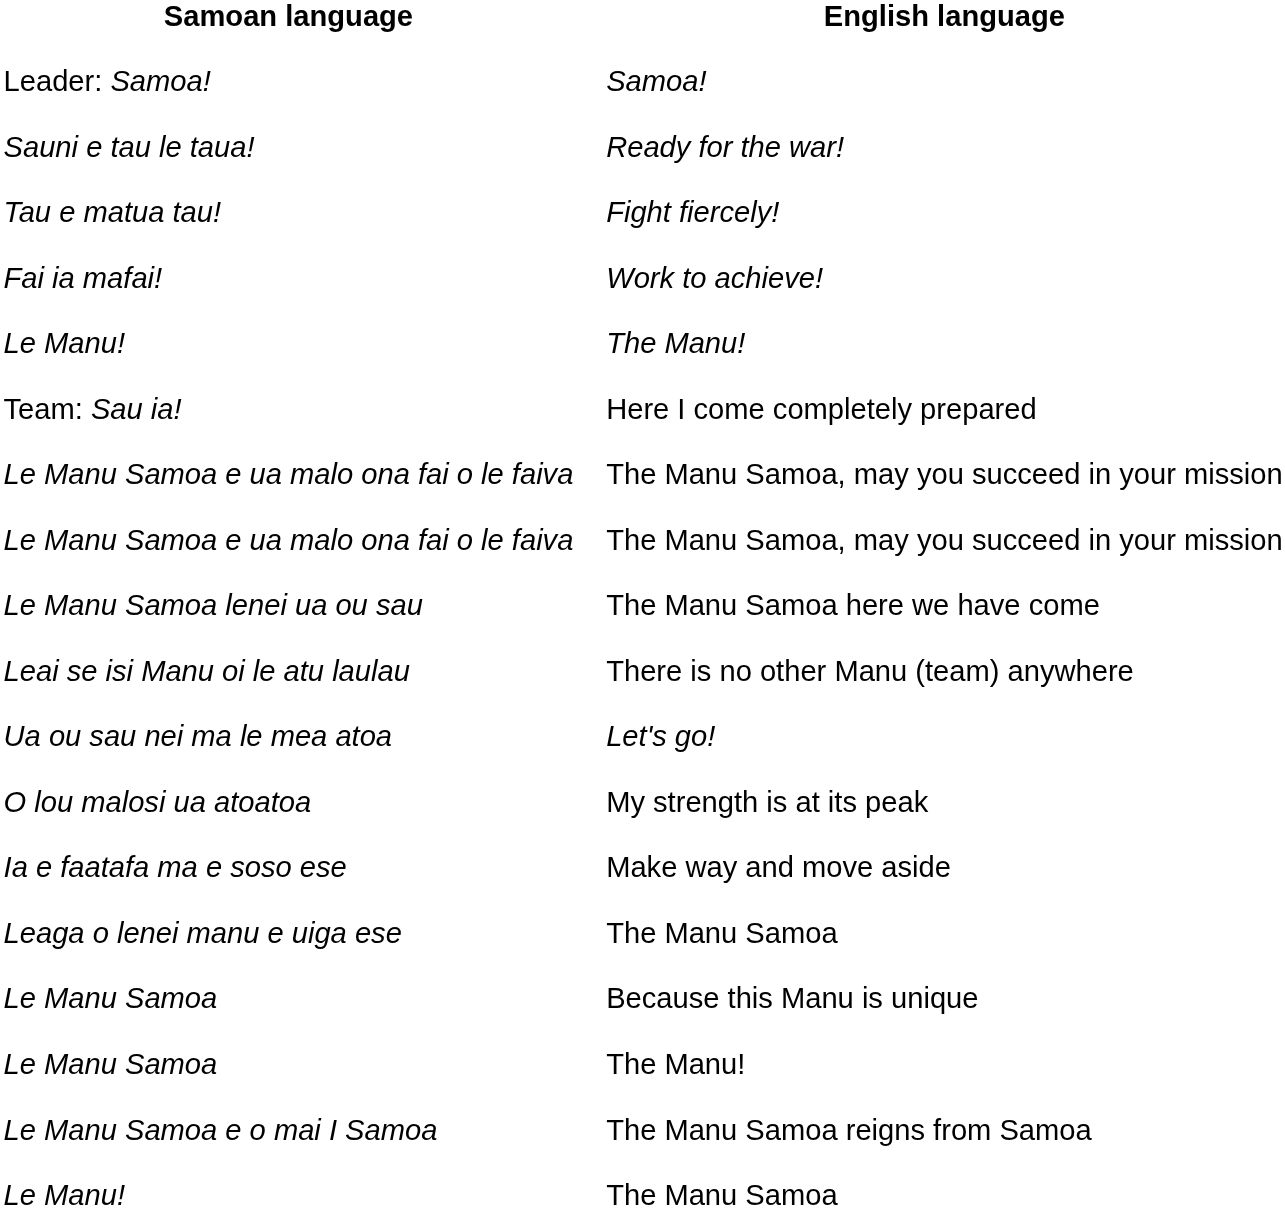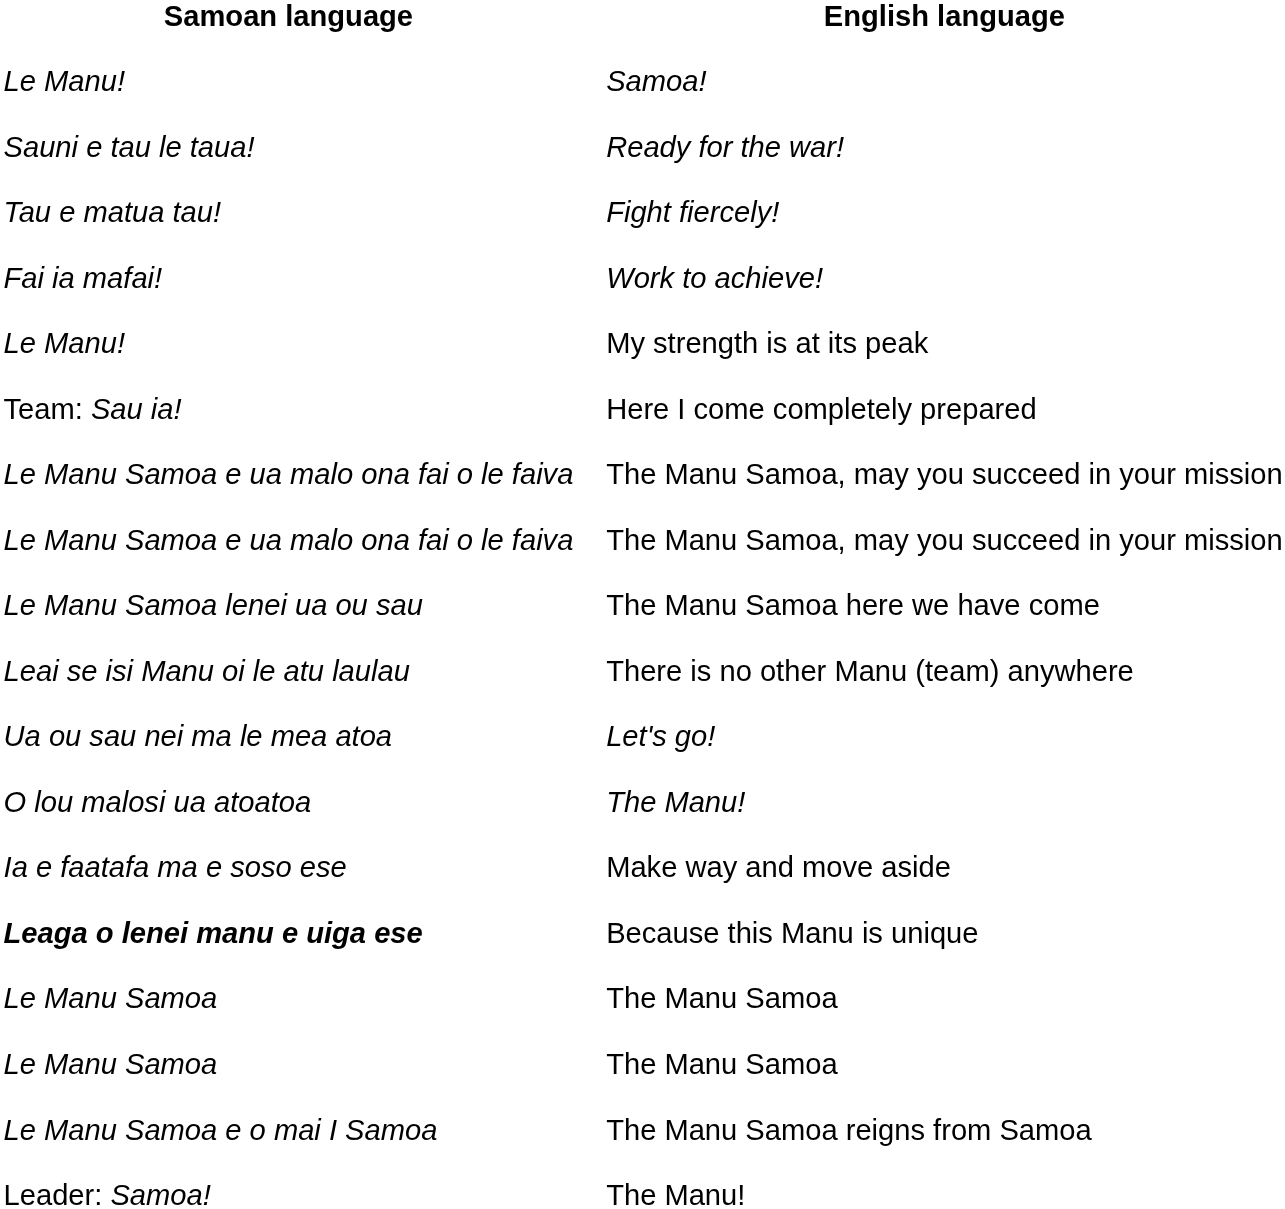 <table border="0" cellpadding="8" cellspacing="2" style="margin-left:3em">
 <tr>
 <th scope="col">Samoan language</th>
 <th scope="col">English language</th>
 </tr>
 <tr>
-<td>Leader: <em>Samoa!</em></td>
+<td><em>Le Manu!</em></td>
 <td><em>Samoa!</em></td>
 </tr>
 <tr>
 <td><em>Sauni e tau le taua!</em></td>
 <td><em>Ready for the war!</em></td>
 </tr>
 <tr>
 <td><em>Tau e matua tau!</em></td>
 <td><em>Fight fiercely!</em></td>
 </tr>
 <tr>
 <td><em>Fai ia mafai!</em></td>
 <td><em>Work to achieve!</em></td>
 </tr>
 <tr>
 <td><em>Le Manu!</em></td>
-<td><em>The Manu!</em></td>
+<td>My strength is at its peak</td>
 </tr>
 <tr>
 <td>Team: <em>Sau ia!</em></td>
 <td>Here I come completely prepared</td>
 </tr>
 <tr>
 <td><em>Le Manu Samoa e ua malo ona fai o le faiva</em><br><br><em>Le Manu Samoa e ua malo ona fai o le faiva</em></td>
 <td>The Manu Samoa, may you succeed in your mission<br><br>The Manu Samoa, may you succeed in your mission</td>
 </tr>
 <tr>
 <td><em>Le Manu Samoa lenei ua ou sau</em></td>
 <td>The Manu Samoa here we have come</td>
 </tr>
 <tr>
 <td><em>Leai se isi Manu oi le atu laulau</em></td>
 <td>There is no other Manu (team) anywhere</td>
 </tr>
 <tr>
 <td><em>Ua ou sau nei ma le mea atoa</em></td>
 <td><em>Let's go!</em></td>
 </tr>
 <tr>
 <td><em>O lou malosi ua atoatoa</em></td>
-<td>My strength is at its peak</td>
+<td><em>The Manu!</em></td>
 </tr>
 <tr>
 <td><em>Ia e faatafa ma e soso ese</em></td>
 <td>Make way and move aside</td>
 </tr>
 <tr>
-<td><em>Leaga o lenei manu e uiga ese</em></td>
+<td><strong><em>Leaga o lenei manu e uiga ese</em></strong></td>
+<td>Because this Manu is unique</td>
+</tr>
+<tr>
+<td><em>Le Manu Samoa</em></td>
 <td>The Manu Samoa</td>
 </tr>
 <tr>
 <td><em>Le Manu Samoa</em></td>
-<td>Because this Manu is unique</td>
-</tr>
-<tr>
-<td><em>Le Manu Samoa</em></td>
-<td>The Manu!</td>
+<td>The Manu Samoa</td>
 </tr>
 <tr>
 <td><em>Le Manu Samoa e o mai I Samoa</em></td>
 <td>The Manu Samoa reigns from Samoa</td>
 </tr>
 <tr>
-<td><em>Le Manu!</em></td>
-<td>The Manu Samoa</td>
+<td>Leader: <em>Samoa!</em></td>
+<td>The Manu!</td>
 </tr>
 </table>
